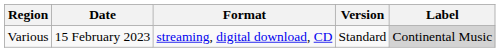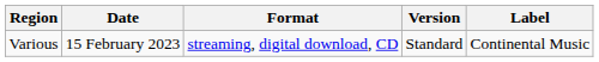 <table class="wikitable sortable">
 <tr>
 <th>Region</th>
 <th>Date</th>
 <th>Format</th>
 <th>Version</th>
 <th>Label</th>
 </tr>
 <tr>
 <td>Various</td>
 <td>15 February 2023</td>
 <td rowspan="2"><a href='#'>streaming</a>, <a href='#'>digital download</a>, <a href='#'>CD</a></td>
 <td>Standard</td>
-<td style="background: lightgrey;">Continental Music</td>
+<td>Continental Music</td>
 </tr>
 </table>
